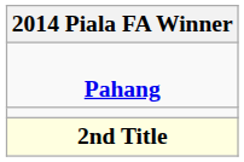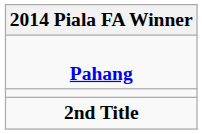 <table class="wikitable" style="text-align: center; margin: 0 auto;">
 <tr>
 <th>2014 Piala FA Winner</th>
 </tr>
 <tr>
 <td><br><a href='#'><strong>Pahang</strong></a></td>
 </tr>
 <tr>
 <td></td>
 </tr>
 <tr>
-<td style="background: lightyellow;"><strong>2nd Title</strong></td>
+<td><strong>2nd Title</strong></td>
 </tr>
 </table>
